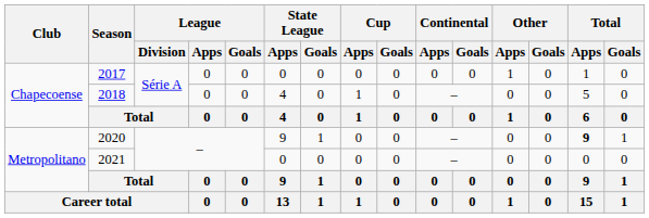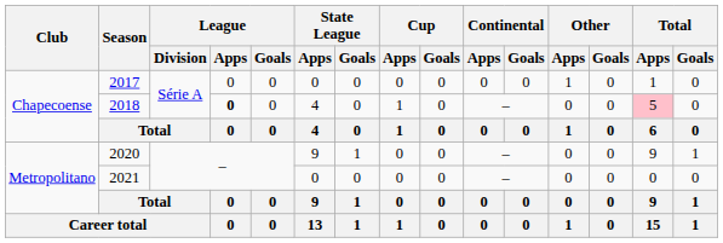 <table class="wikitable" style="text-align: center">
 <tr>
 <th rowspan="2">Club</th>
 <th rowspan="2">Season</th>
 <th colspan="3">League</th>
 <th colspan="2">State League</th>
 <th colspan="2">Cup</th>
 <th colspan="2">Continental</th>
 <th colspan="2">Other</th>
 <th colspan="2">Total</th>
 </tr>
 <tr>
 <th>Division</th>
 <th>Apps</th>
 <th>Goals</th>
 <th>Apps</th>
 <th>Goals</th>
 <th>Apps</th>
 <th>Goals</th>
 <th>Apps</th>
 <th>Goals</th>
 <th>Apps</th>
 <th>Goals</th>
 <th>Apps</th>
 <th>Goals</th>
 </tr>
 <tr>
 <td rowspan="3"><a href='#'>Chapecoense</a></td>
 <td><a href='#'>2017</a></td>
 <td rowspan="2"><a href='#'>Série A</a></td>
 <td>0</td>
 <td>0</td>
 <td>0</td>
 <td>0</td>
 <td>0</td>
 <td>0</td>
 <td>0</td>
 <td>0</td>
 <td>1</td>
 <td>0</td>
 <td>1</td>
 <td>0</td>
 </tr>
 <tr>
 <td><a href='#'>2018</a></td>
-<td>0</td>
+<td><strong>0</strong></td>
 <td>0</td>
 <td>4</td>
 <td>0</td>
 <td>1</td>
 <td>0</td>
 <td colspan="2">–</td>
 <td>0</td>
 <td>0</td>
-<td>5</td>
+<td style="background: pink;">5</td>
 <td>0</td>
 </tr>
 <tr>
 <th colspan="2"><strong>Total</strong></th>
 <th>0</th>
 <th>0</th>
 <th>4</th>
 <th>0</th>
 <th>1</th>
 <th>0</th>
 <th>0</th>
 <th>0</th>
 <th>1</th>
 <th>0</th>
 <th>6</th>
 <th>0</th>
 </tr>
 <tr>
 <td rowspan="3"><a href='#'>Metropolitano</a></td>
 <td>2020</td>
 <td rowspan="2" colspan="3">–</td>
 <td>9</td>
 <td>1</td>
 <td>0</td>
 <td>0</td>
 <td colspan="2">–</td>
 <td>0</td>
 <td>0</td>
-<td><strong>9</strong></td>
+<td>9</td>
 <td>1</td>
 </tr>
 <tr>
 <td>2021</td>
 <td>0</td>
 <td>0</td>
 <td>0</td>
 <td>0</td>
 <td colspan="2">–</td>
 <td>0</td>
 <td>0</td>
 <td>0</td>
 <td>0</td>
 </tr>
 <tr>
 <th colspan="2"><strong>Total</strong></th>
 <th>0</th>
 <th>0</th>
 <th>9</th>
 <th>1</th>
 <th>0</th>
 <th>0</th>
 <th>0</th>
 <th>0</th>
 <th>0</th>
 <th>0</th>
 <th>9</th>
 <th>1</th>
 </tr>
 <tr>
 <th colspan="3"><strong>Career total</strong></th>
 <th>0</th>
 <th>0</th>
 <th>13</th>
 <th>1</th>
 <th>1</th>
 <th>0</th>
 <th>0</th>
 <th>0</th>
 <th>1</th>
 <th>0</th>
 <th>15</th>
 <th>1</th>
 </tr>
 </table>
